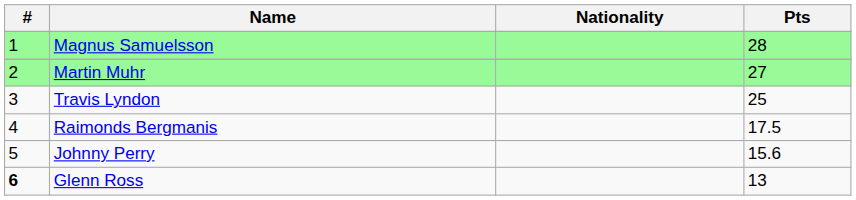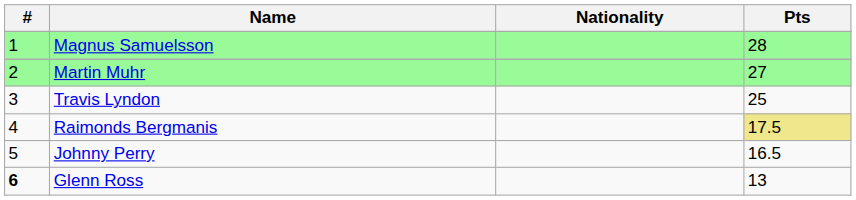 <table class="wikitable" style="display: inline-table; width: 50%;">
 <tr>
 <th>#</th>
 <th>Name</th>
 <th>Nationality</th>
 <th>Pts</th>
 </tr>
 <tr>
 </tr>
 <tr style="background:palegreen;">
 <td>1</td>
 <td><a href='#'>Magnus Samuelsson</a></td>
 <td></td>
 <td>28</td>
 </tr>
 <tr>
 </tr>
 <tr style="background:palegreen;">
 <td>2</td>
 <td><a href='#'>Martin Muhr</a></td>
 <td></td>
 <td>27</td>
 </tr>
 <tr>
 <td>3</td>
 <td><a href='#'>Travis Lyndon</a></td>
 <td></td>
 <td>25</td>
 </tr>
 <tr>
 <td>4</td>
 <td><a href='#'>Raimonds Bergmanis</a></td>
 <td></td>
-<td>17.5</td>
+<td style="background: khaki;">17.5</td>
 </tr>
 <tr>
 <td>5</td>
 <td><a href='#'>Johnny Perry</a></td>
 <td></td>
-<td>15.6</td>
+<td>16.5</td>
 </tr>
 <tr>
 <td><strong>6</strong></td>
 <td><a href='#'>Glenn Ross</a></td>
 <td></td>
 <td>13</td>
 </tr>
 </table>
